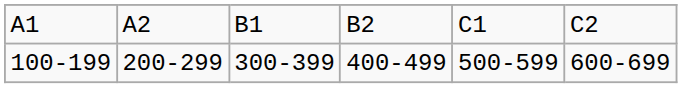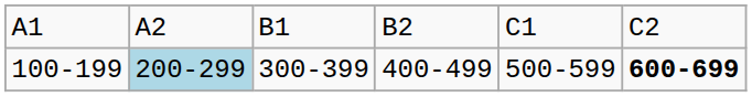 <table class="wikitable">
 <tr>
 <td>A1</td>
 <td>A2</td>
 <td>B1</td>
 <td>B2</td>
 <td>C1</td>
 <td>C2</td>
 </tr>
 <tr>
 <td>100-199</td>
-<td>200-299</td>
+<td style="background: lightblue;">200-299</td>
 <td>300-399</td>
 <td>400-499</td>
 <td>500-599</td>
-<td>600-699</td>
+<td><strong>600-699</strong></td>
 </tr>
 </table>
